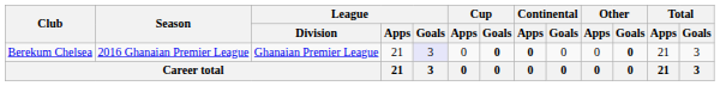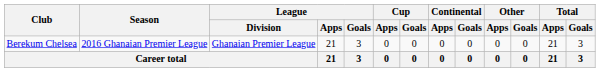 <table class="wikitable" style="text-align: center">
 <tr>
 <th rowspan="2">Club</th>
 <th rowspan="2">Season</th>
 <th colspan="3">League</th>
 <th colspan="2">Cup</th>
 <th colspan="2">Continental</th>
 <th colspan="2">Other</th>
 <th colspan="2">Total</th>
 </tr>
 <tr>
 <th>Division</th>
 <th>Apps</th>
 <th>Goals</th>
 <th>Apps</th>
 <th>Goals</th>
 <th>Apps</th>
 <th>Goals</th>
 <th>Apps</th>
 <th>Goals</th>
 <th>Apps</th>
 <th>Goals</th>
 </tr>
 <tr>
 <td><a href='#'>Berekum Chelsea</a></td>
 <td><a href='#'>2016 Ghanaian Premier League</a></td>
 <td><a href='#'>Ghanaian Premier League</a></td>
 <td>21</td>
-<td style="background: lavender;">3</td>
-<td>0</td>
-<td><strong>0</strong></td>
-<td><strong>0</strong></td>
+<td>3</td>
 <td>0</td>
 <td>0</td>
-<td><strong>0</strong></td>
+<td>0</td>
+<td>0</td>
+<td>0</td>
+<td>0</td>
 <td>21</td>
 <td>3</td>
 </tr>
 <tr>
 <th colspan="3"><strong>Career total</strong></th>
 <th>21</th>
 <th>3</th>
 <th>0</th>
 <th>0</th>
 <th>0</th>
 <th>0</th>
 <th>0</th>
 <th>0</th>
 <th>21</th>
 <th>3</th>
 </tr>
 </table>
